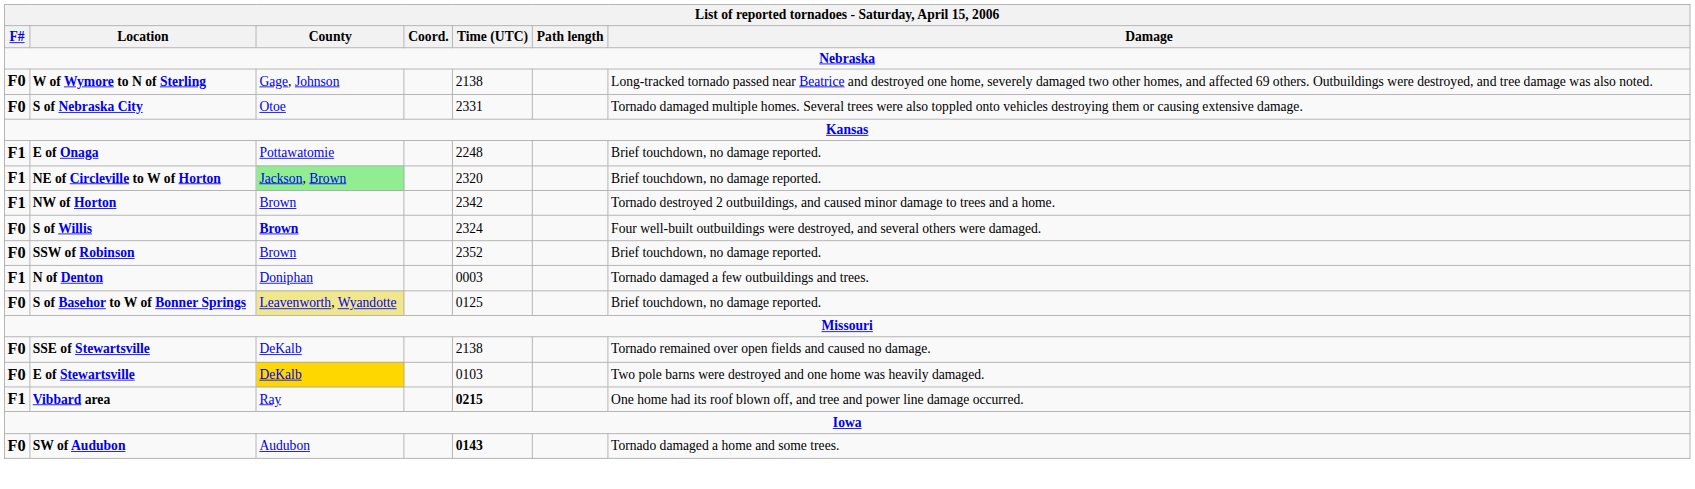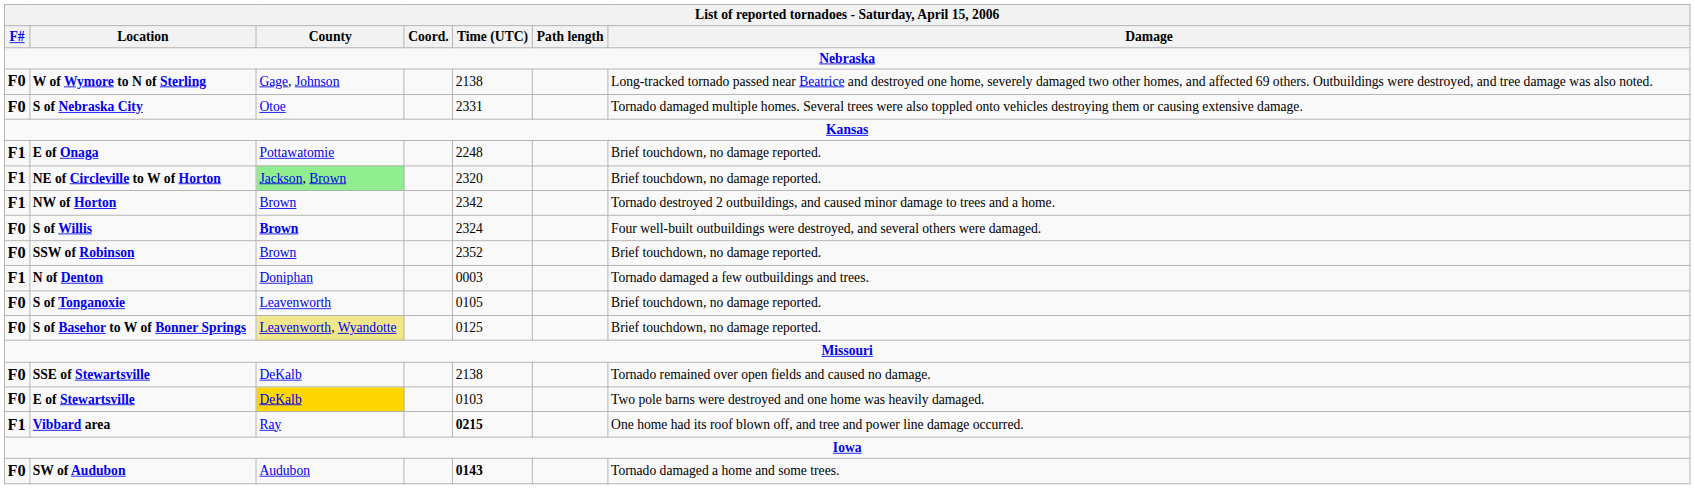 <table class="wikitable collapsible" width="100%">
 <tr>
 <th colspan="7">List of reported tornadoes - Saturday, April 15, 2006</th>
 </tr>
 <tr>
 <th><a href='#'>F#</a></th>
 <th>Location</th>
 <th>County</th>
 <th>Coord.</th>
 <th>Time (UTC)</th>
 <th>Path length</th>
 <th>Damage</th>
 </tr>
 <tr>
 <td colspan="7" align=center><strong><a href='#'>Nebraska</a></strong></td>
 </tr>
 <tr>
 <td><big><strong>F0</strong></big></td>
 <td><strong>W of <a href='#'>Wymore</a> to N of <a href='#'>Sterling</a></strong></td>
 <td><a href='#'>Gage</a>, <a href='#'>Johnson</a></td>
 <td></td>
 <td>2138</td>
 <td></td>
 <td>Long-tracked tornado passed near <a href='#'>Beatrice</a> and destroyed one home, severely damaged two other homes, and affected 69 others. Outbuildings were destroyed, and tree damage was also noted.</td>
 </tr>
 <tr>
 <td><big><strong>F0</strong></big></td>
 <td><strong>S of <a href='#'>Nebraska City</a></strong></td>
 <td><a href='#'>Otoe</a></td>
 <td></td>
 <td>2331</td>
 <td></td>
 <td>Tornado damaged multiple homes. Several trees were also toppled onto vehicles destroying them or causing extensive damage.</td>
 </tr>
 <tr>
 <td colspan="7" align=center><strong><a href='#'>Kansas</a></strong></td>
 </tr>
 <tr>
 <td><big><strong>F1</strong></big></td>
 <td><strong>E of <a href='#'>Onaga</a></strong></td>
 <td><a href='#'>Pottawatomie</a></td>
 <td></td>
 <td>2248</td>
 <td></td>
 <td>Brief touchdown, no damage reported.</td>
 </tr>
 <tr>
 <td><big><strong>F1</strong></big></td>
 <td><strong>NE of <a href='#'>Circleville</a> to W of <a href='#'>Horton</a></strong></td>
 <td style="background: lightgreen;"><a href='#'>Jackson</a>, <a href='#'>Brown</a></td>
 <td></td>
 <td>2320</td>
 <td></td>
 <td>Brief touchdown, no damage reported.</td>
 </tr>
 <tr>
 <td><big><strong>F1</strong></big></td>
 <td><strong>NW of <a href='#'>Horton</a></strong></td>
 <td><a href='#'>Brown</a></td>
 <td></td>
 <td>2342</td>
 <td></td>
 <td>Tornado destroyed 2 outbuildings, and caused minor damage to trees and a home.</td>
 </tr>
 <tr>
 <td><big><strong>F0</strong></big></td>
 <td><strong>S of <a href='#'>Willis</a></strong></td>
 <td><strong><a href='#'>Brown</a></strong></td>
 <td></td>
 <td>2324</td>
 <td></td>
 <td>Four well-built outbuildings were destroyed, and several others were damaged.</td>
 </tr>
 <tr>
 <td><big><strong>F0</strong></big></td>
 <td><strong>SSW of <a href='#'>Robinson</a></strong></td>
 <td><a href='#'>Brown</a></td>
 <td></td>
 <td>2352</td>
 <td></td>
 <td>Brief touchdown, no damage reported.</td>
 </tr>
 <tr>
 <td><big><strong>F1</strong></big></td>
 <td><strong>N of <a href='#'>Denton</a></strong></td>
 <td><a href='#'>Doniphan</a></td>
 <td></td>
 <td>0003</td>
 <td></td>
 <td>Tornado damaged a few outbuildings and trees.</td>
 </tr>
 <tr>
 <td><big><strong>F0</strong></big></td>
+<td><strong>S of <a href='#'>Tonganoxie</a></strong></td>
+<td><a href='#'>Leavenworth</a></td>
+<td></td>
+<td>0105</td>
+<td></td>
+<td>Brief touchdown, no damage reported.</td>
+</tr>
+<tr>
+<td><big><strong>F0</strong></big></td>
 <td><strong>S of <a href='#'>Basehor</a> to W of <a href='#'>Bonner Springs</a></strong></td>
 <td style="background: khaki;"><a href='#'>Leavenworth</a>, <a href='#'>Wyandotte</a></td>
 <td></td>
 <td>0125</td>
 <td></td>
 <td>Brief touchdown, no damage reported.</td>
 </tr>
 <tr>
 <td colspan="7" align=center><strong><a href='#'>Missouri</a></strong></td>
 </tr>
 <tr>
 <td><big><strong>F0</strong></big></td>
 <td><strong>SSE of <a href='#'>Stewartsville</a></strong></td>
 <td><a href='#'>DeKalb</a></td>
 <td></td>
 <td>2138</td>
 <td></td>
 <td>Tornado remained over open fields and caused no damage.</td>
 </tr>
 <tr>
 <td><big><strong>F0</strong></big></td>
 <td><strong>E of <a href='#'>Stewartsville</a></strong></td>
 <td style="background: gold;"><a href='#'>DeKalb</a></td>
 <td></td>
 <td>0103</td>
 <td></td>
 <td>Two pole barns were destroyed and one home was heavily damaged.</td>
 </tr>
 <tr>
 <td><big><strong>F1</strong></big></td>
 <td><strong><a href='#'>Vibbard</a> area</strong></td>
 <td><a href='#'>Ray</a></td>
 <td></td>
 <td><strong>0215</strong></td>
 <td></td>
 <td>One home had its roof blown off, and tree and power line damage occurred.</td>
 </tr>
 <tr>
 <td colspan="7" align=center><strong><a href='#'>Iowa</a></strong></td>
 </tr>
 <tr>
 <td><big><strong>F0</strong></big></td>
 <td><strong>SW of <a href='#'>Audubon</a></strong></td>
 <td><a href='#'>Audubon</a></td>
 <td></td>
 <td><strong>0143</strong></td>
 <td></td>
 <td>Tornado damaged a home and some trees.</td>
 </tr>
 </table>
